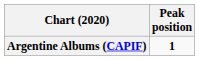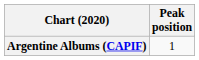 <table class="wikitable sortable plainrowheaders" style="text-align:center">
 <tr>
 <th scope="col">Chart (2020)</th>
 <th scope="col">Peak<br>position</th>
 </tr>
 <tr>
 <th scope="row">Argentine Albums (<a href='#'>CAPIF</a>)</th>
-<td><strong>1</strong></td>
+<td>1</td>
 </tr>
 </table>
